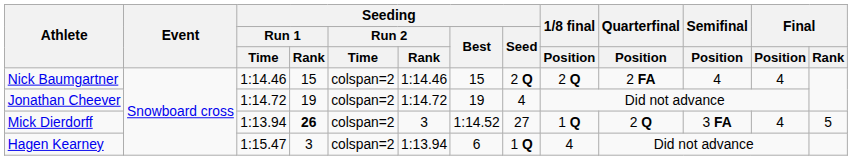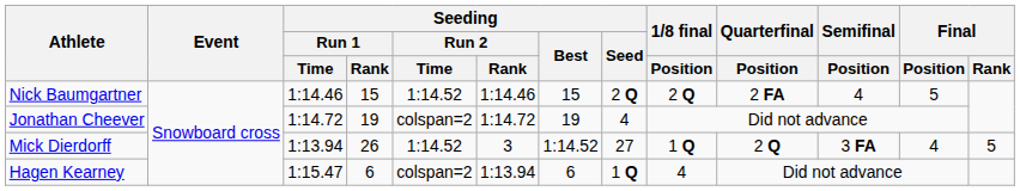 <table class=wikitable style=font-size:90%;text-align:center>
 <tr>
 <th rowspan=3>Athlete</th>
 <th rowspan=3>Event</th>
 <th colspan=6>Seeding</th>
 <th rowspan=2>1/8 final</th>
 <th rowspan=2>Quarterfinal</th>
 <th rowspan=2>Semifinal</th>
 <th rowspan=2 colspan=2>Final</th>
 </tr>
 <tr style=font-size:95%>
 <th colspan=2>Run 1</th>
 <th colspan=2>Run 2</th>
 <th rowspan=2>Best</th>
 <th rowspan=2>Seed</th>
 </tr>
 <tr style=font-size:95%>
 <th>Time</th>
 <th>Rank</th>
 <th>Time</th>
 <th>Rank</th>
 <th>Position</th>
 <th>Position</th>
 <th>Position</th>
 <th>Position</th>
 <th>Rank</th>
 </tr>
 <tr>
 <td align=left><a href='#'>Nick Baumgartner</a></td>
 <td style="text-align:left;" rowspan="4"><a href='#'>Snowboard cross</a></td>
 <td>1:14.46</td>
 <td>15</td>
-<td>colspan=2 </td>
+<td>1:14.52</td>
 <td>1:14.46</td>
 <td>15</td>
 <td>2 <strong>Q</strong></td>
 <td>2 <strong>Q</strong></td>
 <td>2 <strong>FA</strong></td>
 <td>4</td>
-<td>4</td>
+<td>5</td>
 </tr>
 <tr>
 <td align=left><a href='#'>Jonathan Cheever</a></td>
 <td>1:14.72</td>
 <td>19</td>
 <td>colspan=2 </td>
 <td>1:14.72</td>
 <td>19</td>
 <td>4</td>
 <td colspan=4>Did not advance</td>
 </tr>
 <tr>
 <td align=left><a href='#'>Mick Dierdorff</a></td>
 <td>1:13.94</td>
-<td><strong>26</strong></td>
-<td>colspan=2 </td>
+<td>26</td>
+<td>1:14.52</td>
 <td>3</td>
 <td>1:14.52</td>
 <td>27</td>
 <td>1 <strong>Q</strong></td>
 <td>2 <strong>Q</strong></td>
 <td>3 <strong>FA</strong></td>
 <td>4</td>
 <td>5</td>
 </tr>
 <tr>
 <td align=left><a href='#'>Hagen Kearney</a></td>
 <td>1:15.47</td>
-<td>3</td>
+<td>6</td>
 <td>colspan=2 </td>
 <td>1:13.94</td>
 <td>6</td>
 <td>1 <strong>Q</strong></td>
 <td>4</td>
 <td colspan=3>Did not advance</td>
 </tr>
 </table>
